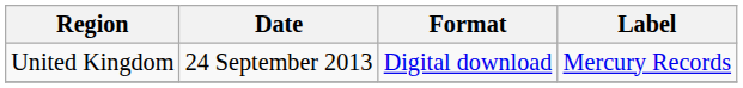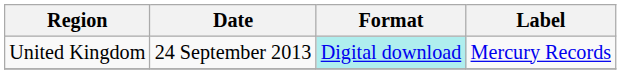 <table class=wikitable>
 <tr>
 <th>Region</th>
 <th>Date</th>
 <th>Format</th>
 <th>Label</th>
 </tr>
 <tr>
 <td>United Kingdom</td>
 <td>24 September 2013</td>
-<td><a href='#'>Digital download</a></td>
+<td style="background: paleturquoise;"><a href='#'>Digital download</a></td>
 <td><a href='#'>Mercury Records</a></td>
 </tr>
 <tr>
 </tr>
 </table>
